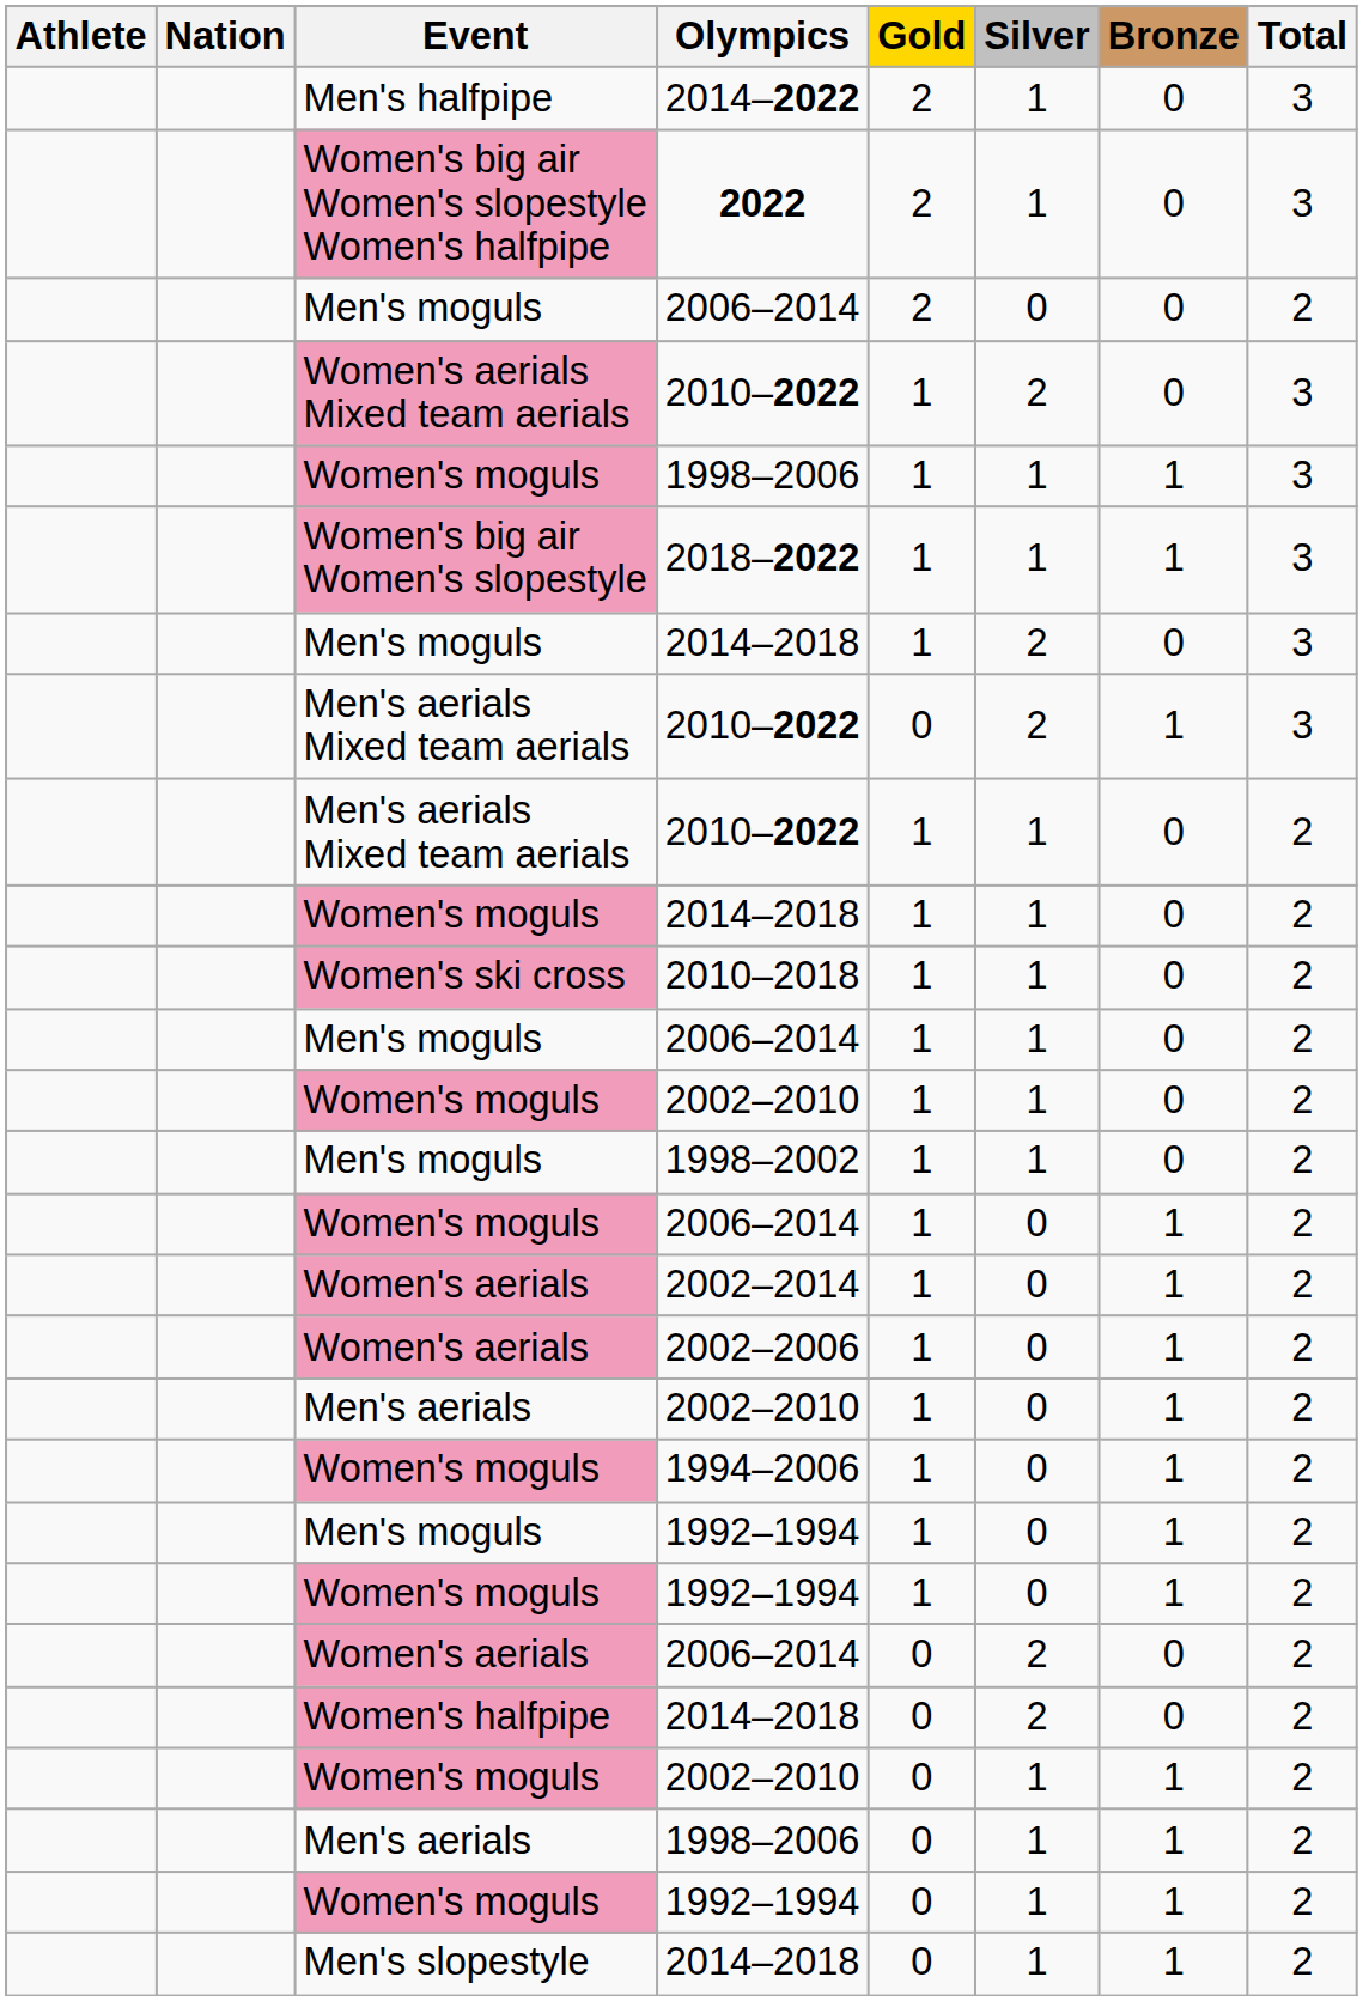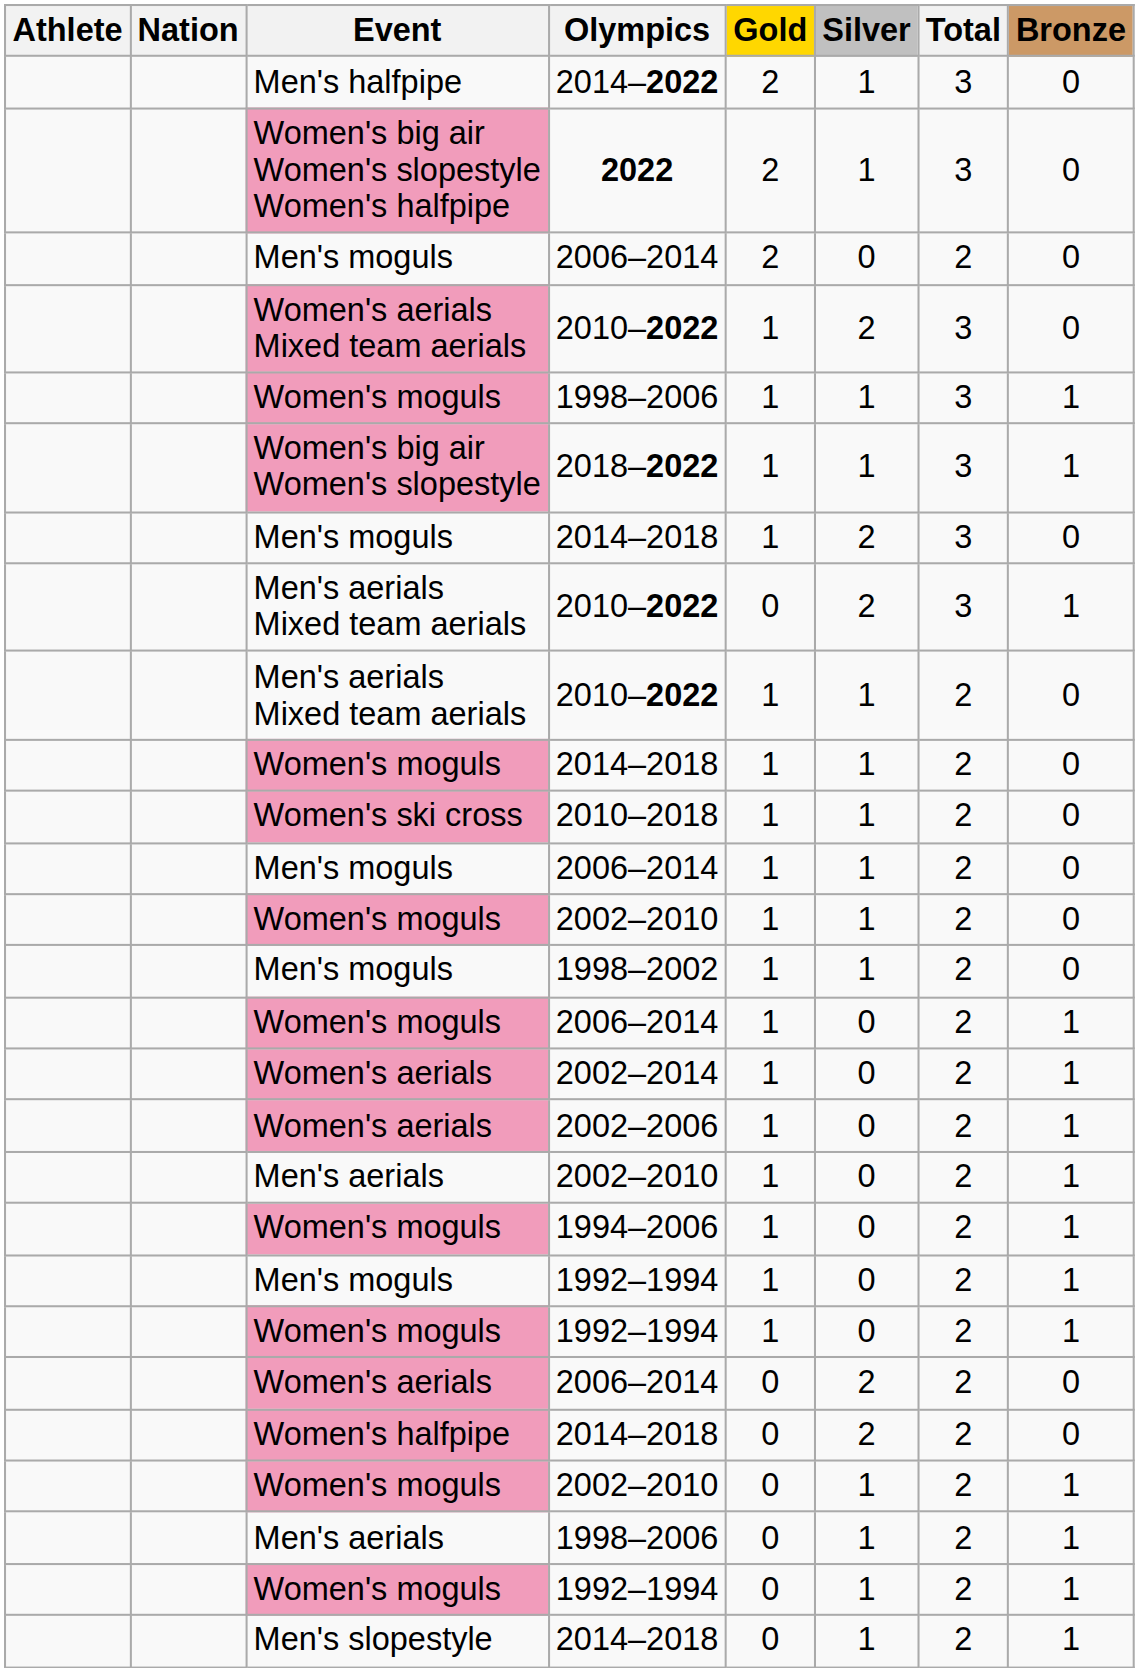 <table class="wikitable sortable" style="text-align:center">
 <tr>
 <th>Athlete</th>
 <th>Nation</th>
 <th>Event</th>
 <th>Olympics</th>
 <th style="background-color: gold">Gold</th>
 <th style="background-color: silver">Silver</th>
+<th>Total</th>
 <th style="background-color: #cc9966">Bronze</th>
-<th>Total</th>
 </tr>
 <tr>
 <td align="left"></td>
 <td align="left"></td>
 <td align="left">Men's halfpipe</td>
 <td>2014–<strong>2022</strong></td>
 <td>2</td>
 <td>1</td>
+<td>3</td>
 <td>0</td>
-<td>3</td>
 </tr>
 <tr>
 <td align="left"></td>
 <td align="left"></td>
 <td align="left" style="background:#F19CBB;">Women's big air <br> Women's slopestyle<br>Women's halfpipe</td>
 <td><strong>2022</strong></td>
 <td>2</td>
 <td>1</td>
+<td>3</td>
 <td>0</td>
-<td>3</td>
 </tr>
 <tr>
 <td align="left"></td>
 <td align="left"></td>
 <td align="left">Men's moguls</td>
 <td>2006–2014</td>
 <td>2</td>
 <td>0</td>
+<td>2</td>
 <td>0</td>
-<td>2</td>
 </tr>
 <tr>
 <td align="left"></td>
 <td align="left"></td>
 <td align="left" style="background:#F19CBB;">Women's aerials<br>Mixed team aerials</td>
 <td>2010–<strong>2022</strong></td>
 <td>1</td>
 <td>2</td>
+<td>3</td>
 <td>0</td>
-<td>3</td>
 </tr>
 <tr>
 <td align="left"></td>
 <td align="left"></td>
 <td align="left" style="background:#F19CBB;">Women's moguls</td>
 <td>1998–2006</td>
 <td>1</td>
 <td>1</td>
+<td>3</td>
 <td>1</td>
-<td>3</td>
 </tr>
 <tr>
 <td align="left"></td>
 <td align="left"></td>
 <td align="left" style="background:#F19CBB;">Women's big air <br> Women's slopestyle</td>
 <td>2018–<strong>2022</strong></td>
 <td>1</td>
 <td>1</td>
+<td>3</td>
 <td>1</td>
-<td>3</td>
 </tr>
 <tr>
 <td align="left"></td>
 <td align="left"></td>
 <td align="left">Men's moguls</td>
 <td>2014–2018</td>
 <td>1</td>
 <td>2</td>
+<td>3</td>
 <td>0</td>
-<td>3</td>
 </tr>
 <tr>
 <td align="left"></td>
 <td align="left"></td>
 <td align="left">Men's aerials<br>Mixed team aerials</td>
 <td>2010–<strong>2022</strong></td>
 <td>0</td>
 <td>2</td>
+<td>3</td>
 <td>1</td>
-<td>3</td>
 </tr>
 <tr>
 <td align="left"></td>
 <td align="left"></td>
 <td align="left">Men's aerials<br>Mixed team aerials</td>
 <td>2010–<strong>2022</strong></td>
 <td>1</td>
 <td>1</td>
+<td>2</td>
 <td>0</td>
-<td>2</td>
 </tr>
 <tr>
 <td align="left"></td>
 <td align="left"></td>
 <td align="left" style="background:#F19CBB;">Women's moguls</td>
 <td>2014–2018</td>
 <td>1</td>
 <td>1</td>
+<td>2</td>
 <td>0</td>
-<td>2</td>
 </tr>
 <tr>
 <td align="left"></td>
 <td align="left"></td>
 <td align="left" style="background:#F19CBB;">Women's ski cross</td>
 <td>2010–2018</td>
 <td>1</td>
 <td>1</td>
+<td>2</td>
 <td>0</td>
-<td>2</td>
 </tr>
 <tr>
 <td align="left"></td>
 <td align="left"></td>
 <td align="left">Men's moguls</td>
 <td>2006–2014</td>
 <td>1</td>
 <td>1</td>
+<td>2</td>
 <td>0</td>
-<td>2</td>
 </tr>
 <tr>
 <td align="left"></td>
 <td align="left"></td>
 <td align="left" style="background:#F19CBB;">Women's moguls</td>
 <td>2002–2010</td>
 <td>1</td>
 <td>1</td>
+<td>2</td>
 <td>0</td>
-<td>2</td>
 </tr>
 <tr>
 <td align="left"></td>
 <td align="left"></td>
 <td align="left">Men's moguls</td>
 <td>1998–2002</td>
 <td>1</td>
 <td>1</td>
+<td>2</td>
 <td>0</td>
-<td>2</td>
 </tr>
 <tr>
 <td align="left"></td>
 <td align="left"></td>
 <td align="left" style="background:#F19CBB;">Women's moguls</td>
 <td>2006–2014</td>
 <td>1</td>
 <td>0</td>
+<td>2</td>
 <td>1</td>
-<td>2</td>
 </tr>
 <tr>
 <td align="left"></td>
 <td align="left"></td>
 <td align="left" style="background:#F19CBB;">Women's aerials</td>
 <td>2002–2014</td>
 <td>1</td>
 <td>0</td>
+<td>2</td>
 <td>1</td>
-<td>2</td>
 </tr>
 <tr>
 <td align="left"></td>
 <td align="left"></td>
 <td align="left" style="background:#F19CBB;">Women's aerials</td>
 <td>2002–2006</td>
 <td>1</td>
 <td>0</td>
+<td>2</td>
 <td>1</td>
-<td>2</td>
 </tr>
 <tr>
 <td align="left"></td>
 <td align="left"></td>
 <td align="left">Men's aerials</td>
 <td>2002–2010</td>
 <td>1</td>
 <td>0</td>
+<td>2</td>
 <td>1</td>
-<td>2</td>
 </tr>
 <tr>
 <td align="left"></td>
 <td align="left"></td>
 <td align="left" style="background:#F19CBB;">Women's moguls</td>
 <td>1994–2006</td>
 <td>1</td>
 <td>0</td>
+<td>2</td>
 <td>1</td>
-<td>2</td>
 </tr>
 <tr>
 <td align="left"></td>
 <td align="left"></td>
 <td align="left">Men's moguls</td>
 <td>1992–1994</td>
 <td>1</td>
 <td>0</td>
+<td>2</td>
 <td>1</td>
-<td>2</td>
 </tr>
 <tr>
 <td align="left"></td>
 <td align="left"></td>
 <td align="left" style="background:#F19CBB;">Women's moguls</td>
 <td>1992–1994</td>
 <td>1</td>
 <td>0</td>
+<td>2</td>
 <td>1</td>
-<td>2</td>
 </tr>
 <tr>
 <td align="left"></td>
 <td align="left"></td>
 <td align="left" style="background:#F19CBB;">Women's aerials</td>
 <td>2006–2014</td>
 <td>0</td>
 <td>2</td>
+<td>2</td>
 <td>0</td>
-<td>2</td>
 </tr>
 <tr>
 <td align="left"></td>
 <td align="left"></td>
 <td align="left" style="background:#F19CBB;">Women's halfpipe</td>
 <td>2014–2018</td>
 <td>0</td>
 <td>2</td>
+<td>2</td>
 <td>0</td>
-<td>2</td>
 </tr>
 <tr>
 <td align="left"></td>
 <td align="left"></td>
 <td align="left" style="background:#F19CBB;">Women's moguls</td>
 <td>2002–2010</td>
 <td>0</td>
 <td>1</td>
+<td>2</td>
 <td>1</td>
-<td>2</td>
 </tr>
 <tr>
 <td align="left"></td>
 <td align="left"></td>
 <td align="left">Men's aerials</td>
 <td>1998–2006</td>
 <td>0</td>
 <td>1</td>
+<td>2</td>
 <td>1</td>
-<td>2</td>
 </tr>
 <tr>
 <td align="left"></td>
 <td align="left"><br></td>
 <td align="left" style="background:#F19CBB;">Women's moguls</td>
 <td>1992–1994</td>
 <td>0</td>
 <td>1</td>
+<td>2</td>
 <td>1</td>
-<td>2</td>
 </tr>
 <tr>
 <td align="left"></td>
 <td align="left"></td>
 <td align="left">Men's slopestyle</td>
 <td>2014–2018</td>
 <td>0</td>
 <td>1</td>
+<td>2</td>
 <td>1</td>
-<td>2</td>
 </tr>
 </table>
